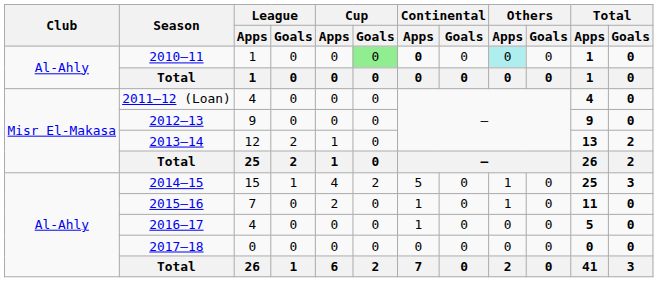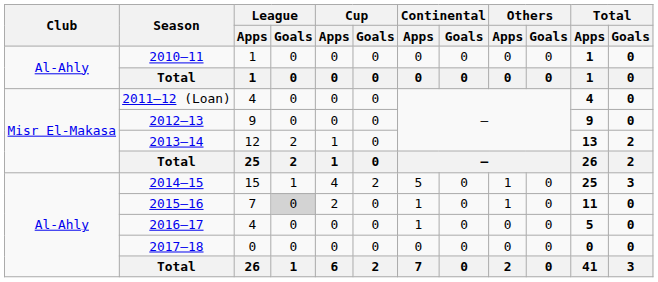 <table class="wikitable" style="text-align: center;">
 <tr>
 <th rowspan="2">Club</th>
 <th rowspan="2">Season</th>
 <th colspan="2">League</th>
 <th colspan="2">Cup</th>
 <th colspan="2">Continental</th>
 <th colspan="2">Others</th>
 <th colspan="2">Total</th>
 </tr>
 <tr>
 <th>Apps</th>
 <th>Goals</th>
 <th>Apps</th>
 <th>Goals</th>
 <th>Apps</th>
 <th>Goals</th>
 <th>Apps</th>
 <th>Goals</th>
 <th>Apps</th>
 <th>Goals</th>
 </tr>
 <tr>
 <td rowspan=2><a href='#'>Al-Ahly</a></td>
 <td><a href='#'>2010–11</a></td>
 <td>1</td>
 <td>0</td>
 <td>0</td>
-<td style="background: lightgreen;">0</td>
-<td><strong>0</strong></td>
 <td>0</td>
-<td style="background: paleturquoise;">0</td>
+<td>0</td>
+<td>0</td>
+<td>0</td>
 <td>0</td>
 <td><strong>1</strong></td>
 <td><strong>0</strong></td>
 </tr>
 <tr>
 <th>Total</th>
 <th>1</th>
 <th>0</th>
 <th>0</th>
 <th>0</th>
 <th>0</th>
 <th>0</th>
 <th>0</th>
 <th>0</th>
 <th>1</th>
 <th>0</th>
 </tr>
 <tr>
 <td rowspan=4><a href='#'>Misr El-Makasa</a></td>
 <td><a href='#'>2011–12</a> (Loan)</td>
 <td>4</td>
 <td>0</td>
 <td>0</td>
 <td>0</td>
 <td rowspan=3 colspan="4">—</td>
 <td><strong>4</strong></td>
 <td><strong>0</strong></td>
 </tr>
 <tr>
 <td><a href='#'>2012–13</a></td>
 <td>9</td>
 <td>0</td>
 <td>0</td>
 <td>0</td>
 <td><strong>9</strong></td>
 <td><strong>0</strong></td>
 </tr>
 <tr>
 <td><a href='#'>2013–14</a></td>
 <td>12</td>
 <td>2</td>
 <td>1</td>
 <td>0</td>
 <td><strong>13</strong></td>
 <td><strong>2</strong></td>
 </tr>
 <tr>
 <th>Total</th>
 <th>25</th>
 <th>2</th>
 <th>1</th>
 <th>0</th>
 <th colspan="4">—</th>
 <th>26</th>
 <th>2</th>
 </tr>
 <tr>
 <td rowspan=5><a href='#'>Al-Ahly</a></td>
 <td><a href='#'>2014–15</a></td>
 <td>15</td>
 <td>1</td>
 <td>4</td>
 <td>2</td>
 <td>5</td>
 <td>0</td>
 <td>1</td>
 <td>0</td>
 <td><strong>25</strong></td>
 <td><strong>3</strong></td>
 </tr>
 <tr>
 <td><a href='#'>2015–16</a></td>
 <td>7</td>
-<td>0</td>
+<td style="background: lightgrey;">0</td>
 <td>2</td>
 <td>0</td>
 <td>1</td>
 <td>0</td>
 <td>1</td>
 <td>0</td>
 <td><strong>11</strong></td>
 <td><strong>0</strong></td>
 </tr>
 <tr>
 <td><a href='#'>2016–17</a></td>
 <td>4</td>
 <td>0</td>
 <td>0</td>
 <td>0</td>
 <td>1</td>
 <td>0</td>
 <td>0</td>
 <td>0</td>
 <td><strong>5</strong></td>
 <td><strong>0</strong></td>
 </tr>
 <tr>
 <td><a href='#'>2017–18</a></td>
 <td>0</td>
 <td>0</td>
 <td>0</td>
 <td>0</td>
 <td>0</td>
 <td>0</td>
 <td>0</td>
 <td>0</td>
 <td><strong>0</strong></td>
 <td><strong>0</strong></td>
 </tr>
 <tr>
 <th>Total</th>
 <th>26</th>
 <th>1</th>
 <th>6</th>
 <th>2</th>
 <th>7</th>
 <th>0</th>
 <th>2</th>
 <th>0</th>
 <th>41</th>
 <th>3</th>
 </tr>
 </table>
